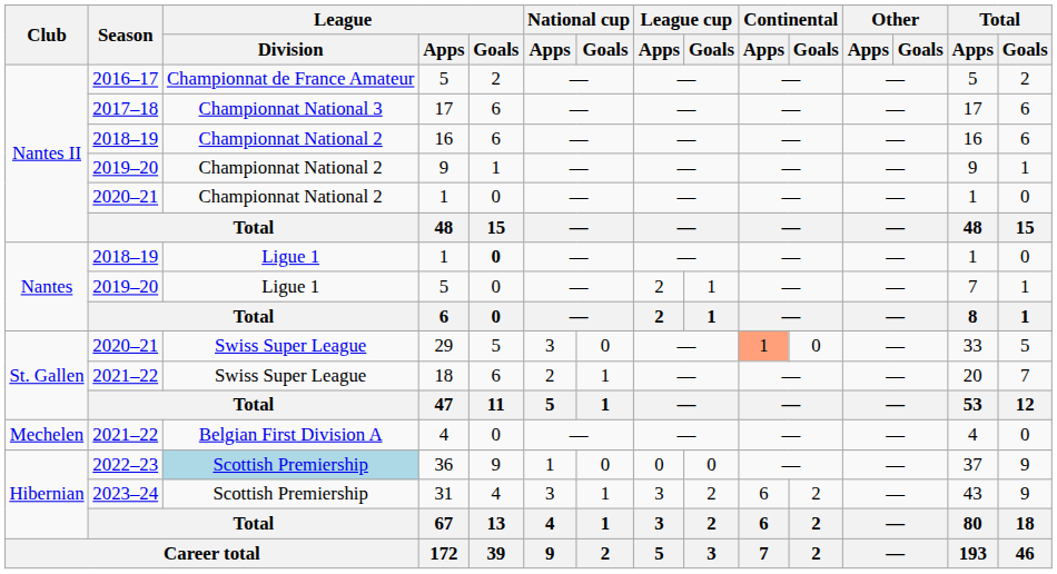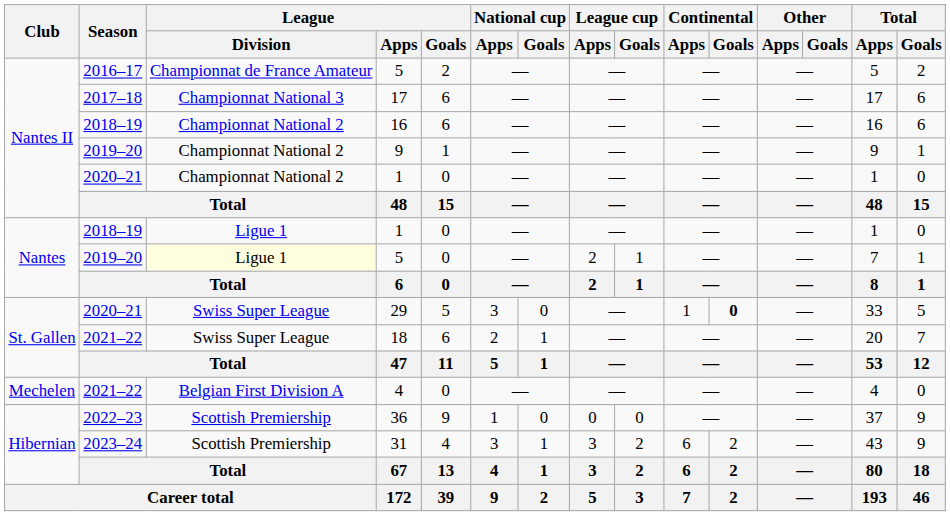 <table class=wikitable style="text-align:center">
 <tr>
 <th rowspan="2">Club</th>
 <th rowspan="2">Season</th>
 <th colspan="3">League</th>
 <th colspan="2">National cup</th>
 <th colspan="2">League cup</th>
 <th colspan="2">Continental</th>
 <th colspan="2">Other</th>
 <th colspan="2">Total</th>
 </tr>
 <tr>
 <th>Division</th>
 <th>Apps</th>
 <th>Goals</th>
 <th>Apps</th>
 <th>Goals</th>
 <th>Apps</th>
 <th>Goals</th>
 <th>Apps</th>
 <th>Goals</th>
 <th>Apps</th>
 <th>Goals</th>
 <th>Apps</th>
 <th>Goals</th>
 </tr>
 <tr>
 <td rowspan="6"><a href='#'>Nantes II</a></td>
 <td><a href='#'>2016–17</a></td>
 <td><a href='#'>Championnat de France Amateur</a></td>
 <td>5</td>
 <td>2</td>
 <td colspan="2">—</td>
 <td colspan="2">—</td>
 <td colspan="2">—</td>
 <td colspan="2">—</td>
 <td>5</td>
 <td>2</td>
 </tr>
 <tr>
 <td><a href='#'>2017–18</a></td>
 <td><a href='#'>Championnat National 3</a></td>
 <td>17</td>
 <td>6</td>
 <td colspan="2">—</td>
 <td colspan="2">—</td>
 <td colspan="2">—</td>
 <td colspan="2">—</td>
 <td>17</td>
 <td>6</td>
 </tr>
 <tr>
 <td><a href='#'>2018–19</a></td>
 <td><a href='#'>Championnat National 2</a></td>
 <td>16</td>
 <td>6</td>
 <td colspan="2">—</td>
 <td colspan="2">—</td>
 <td colspan="2">—</td>
 <td colspan="2">—</td>
 <td>16</td>
 <td>6</td>
 </tr>
 <tr>
 <td><a href='#'>2019–20</a></td>
 <td>Championnat National 2</td>
 <td>9</td>
 <td>1</td>
 <td colspan="2">—</td>
 <td colspan="2">—</td>
 <td colspan="2">—</td>
 <td colspan="2">—</td>
 <td>9</td>
 <td>1</td>
 </tr>
 <tr>
 <td><a href='#'>2020–21</a></td>
 <td>Championnat National 2</td>
 <td>1</td>
 <td>0</td>
 <td colspan="2">—</td>
 <td colspan="2">—</td>
 <td colspan="2">—</td>
 <td colspan="2">—</td>
 <td>1</td>
 <td>0</td>
 </tr>
 <tr>
 <th colspan="2">Total</th>
 <th>48</th>
 <th>15</th>
 <th colspan="2">—</th>
 <th colspan="2">—</th>
 <th colspan="2">—</th>
 <th colspan="2">—</th>
 <th>48</th>
 <th>15</th>
 </tr>
 <tr>
 <td rowspan="3"><a href='#'>Nantes</a></td>
 <td><a href='#'>2018–19</a></td>
 <td><a href='#'>Ligue 1</a></td>
 <td>1</td>
-<td><strong>0</strong></td>
+<td>0</td>
 <td colspan="2">—</td>
 <td colspan="2">—</td>
 <td colspan="2">—</td>
 <td colspan="2">—</td>
 <td>1</td>
 <td>0</td>
 </tr>
 <tr>
 <td><a href='#'>2019–20</a></td>
-<td>Ligue 1</td>
+<td style="background: lightyellow;">Ligue 1</td>
 <td>5</td>
 <td>0</td>
 <td colspan="2">—</td>
 <td>2</td>
 <td>1</td>
 <td colspan="2">—</td>
 <td colspan="2">—</td>
 <td>7</td>
 <td>1</td>
 </tr>
 <tr>
 <th colspan="2">Total</th>
 <th>6</th>
 <th>0</th>
 <th colspan="2">—</th>
 <th>2</th>
 <th>1</th>
 <th colspan="2">—</th>
 <th colspan="2">—</th>
 <th>8</th>
 <th>1</th>
 </tr>
 <tr>
 <td rowspan="3"><a href='#'>St. Gallen</a></td>
 <td><a href='#'>2020–21</a></td>
 <td><a href='#'>Swiss Super League</a></td>
 <td>29</td>
 <td>5</td>
 <td>3</td>
 <td>0</td>
 <td colspan="2">—</td>
-<td style="background: lightsalmon;">1</td>
-<td>0</td>
+<td>1</td>
+<td><strong>0</strong></td>
 <td colspan="2">—</td>
 <td>33</td>
 <td>5</td>
 </tr>
 <tr>
 <td><a href='#'>2021–22</a></td>
 <td>Swiss Super League</td>
 <td>18</td>
 <td>6</td>
 <td>2</td>
 <td>1</td>
 <td colspan="2">—</td>
 <td colspan="2">—</td>
 <td colspan="2">—</td>
 <td>20</td>
 <td>7</td>
 </tr>
 <tr>
 <th colspan="2">Total</th>
 <th>47</th>
 <th>11</th>
 <th>5</th>
 <th>1</th>
 <th colspan="2">—</th>
 <th colspan="2">—</th>
 <th colspan="2">—</th>
 <th>53</th>
 <th>12</th>
 </tr>
 <tr>
 <td><a href='#'>Mechelen</a></td>
 <td><a href='#'>2021–22</a></td>
 <td><a href='#'>Belgian First Division A</a></td>
 <td>4</td>
 <td>0</td>
 <td colspan="2">—</td>
 <td colspan="2">—</td>
 <td colspan="2">—</td>
 <td colspan="2">—</td>
 <td>4</td>
 <td>0</td>
 </tr>
 <tr>
 <td rowspan="3"><a href='#'>Hibernian</a></td>
 <td><a href='#'>2022–23</a></td>
-<td style="background: lightblue;"><a href='#'>Scottish Premiership</a></td>
+<td><a href='#'>Scottish Premiership</a></td>
 <td>36</td>
 <td>9</td>
 <td>1</td>
 <td>0</td>
 <td>0</td>
 <td>0</td>
 <td colspan=2>—</td>
 <td colspan=2>—</td>
 <td>37</td>
 <td>9</td>
 </tr>
 <tr>
 <td><a href='#'>2023–24</a></td>
 <td>Scottish Premiership</td>
 <td>31</td>
 <td>4</td>
 <td>3</td>
 <td>1</td>
 <td>3</td>
 <td>2</td>
 <td>6</td>
 <td>2</td>
 <td colspan=2>—</td>
 <td>43</td>
 <td>9</td>
 </tr>
 <tr>
 <th colspan="2">Total</th>
 <th>67</th>
 <th>13</th>
 <th>4</th>
 <th>1</th>
 <th>3</th>
 <th>2</th>
 <th>6</th>
 <th>2</th>
 <th colspan=2>—</th>
 <th>80</th>
 <th>18</th>
 </tr>
 <tr>
 <th colspan="3">Career total</th>
 <th>172</th>
 <th>39</th>
 <th>9</th>
 <th>2</th>
 <th>5</th>
 <th>3</th>
 <th>7</th>
 <th>2</th>
 <th colspan=2>—</th>
 <th>193</th>
 <th>46</th>
 </tr>
 </table>
